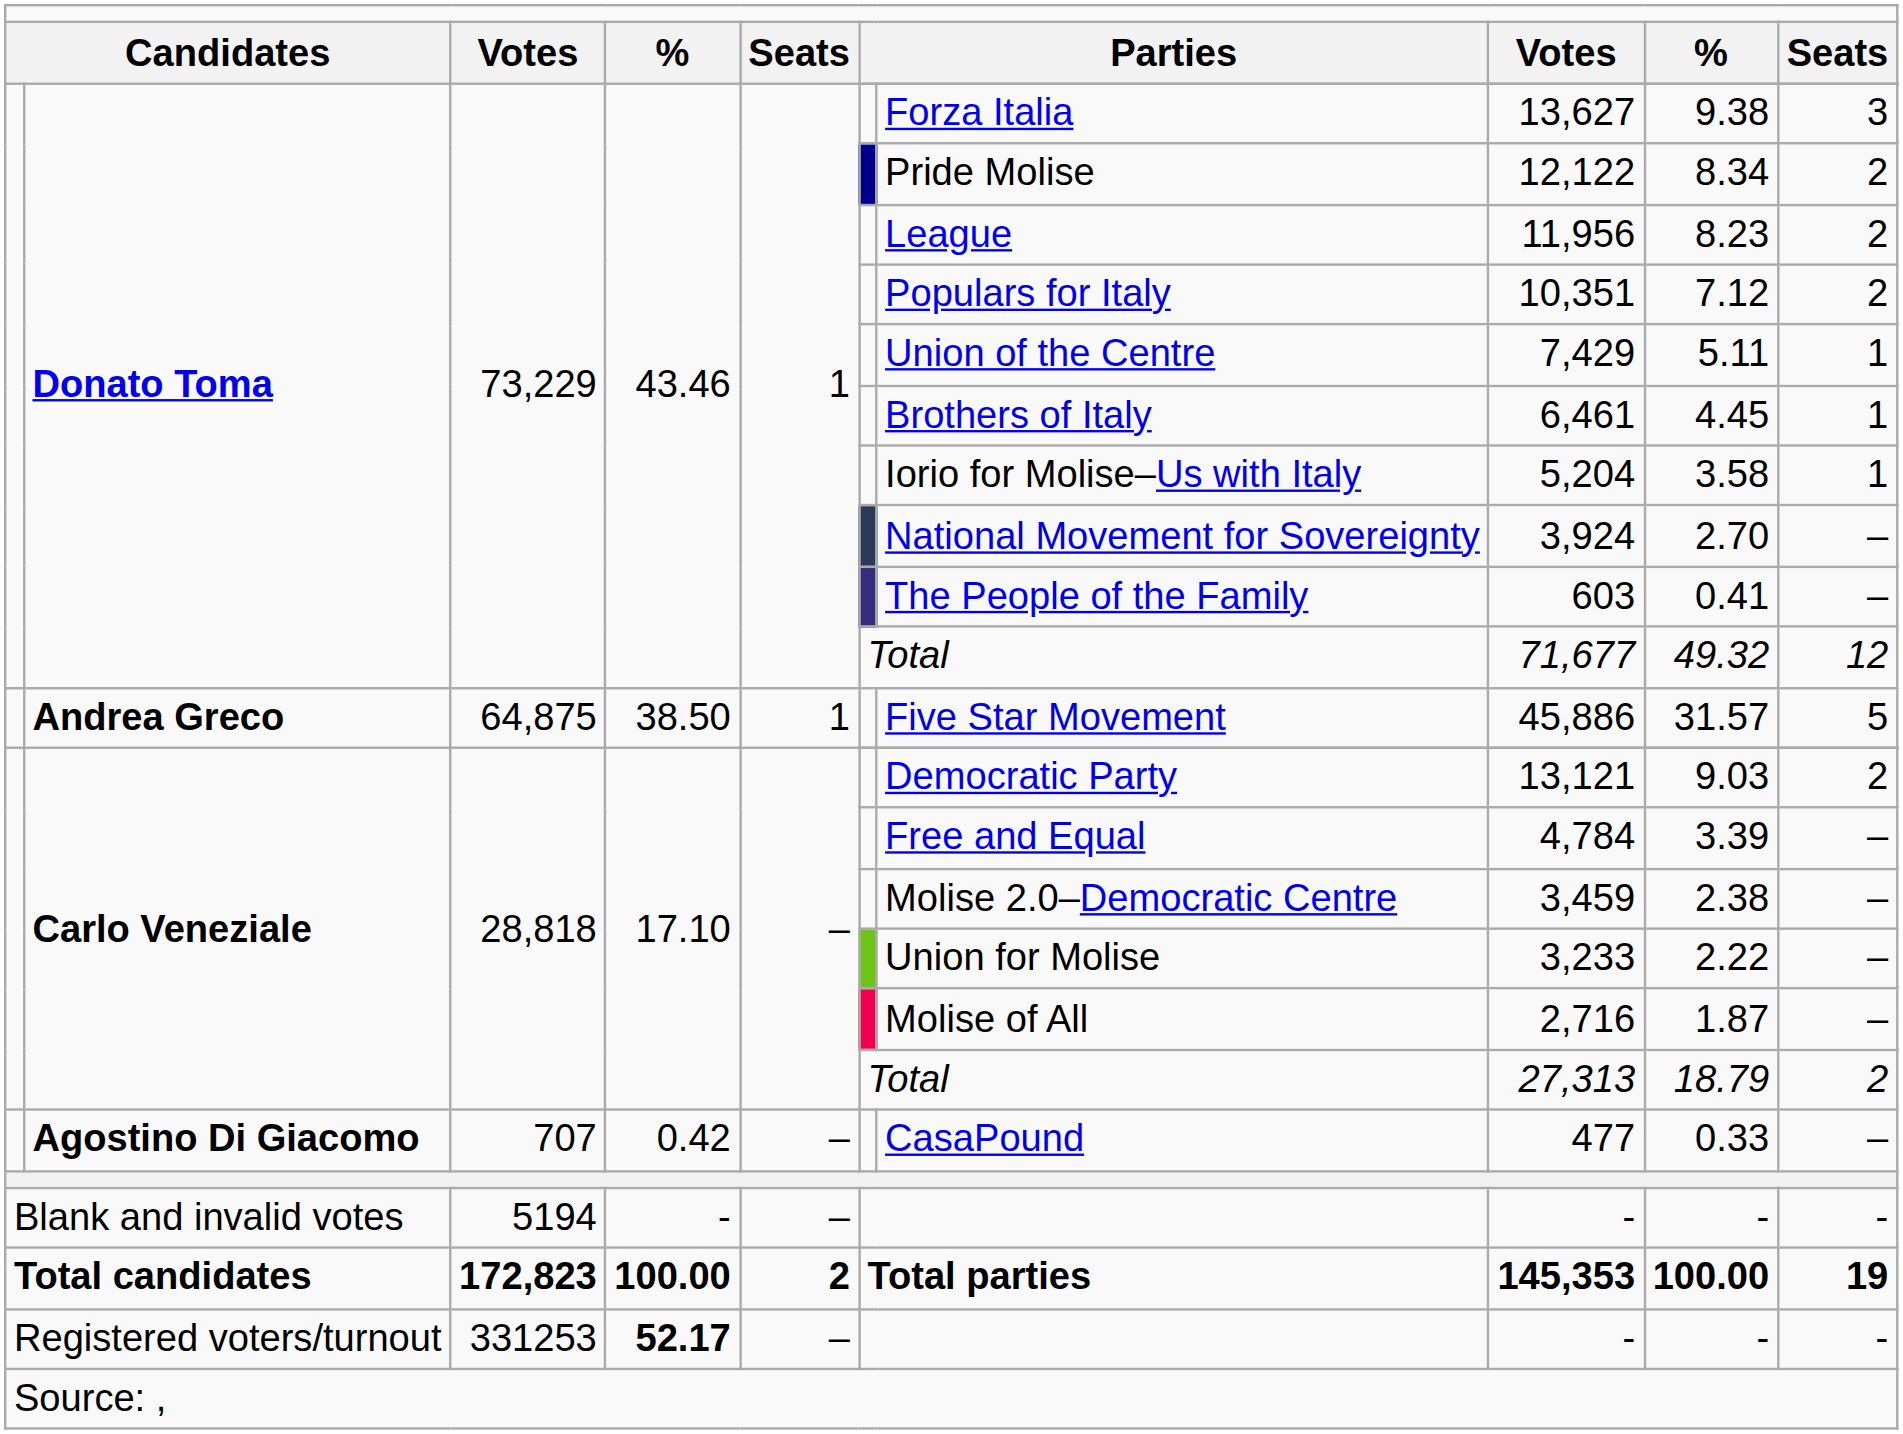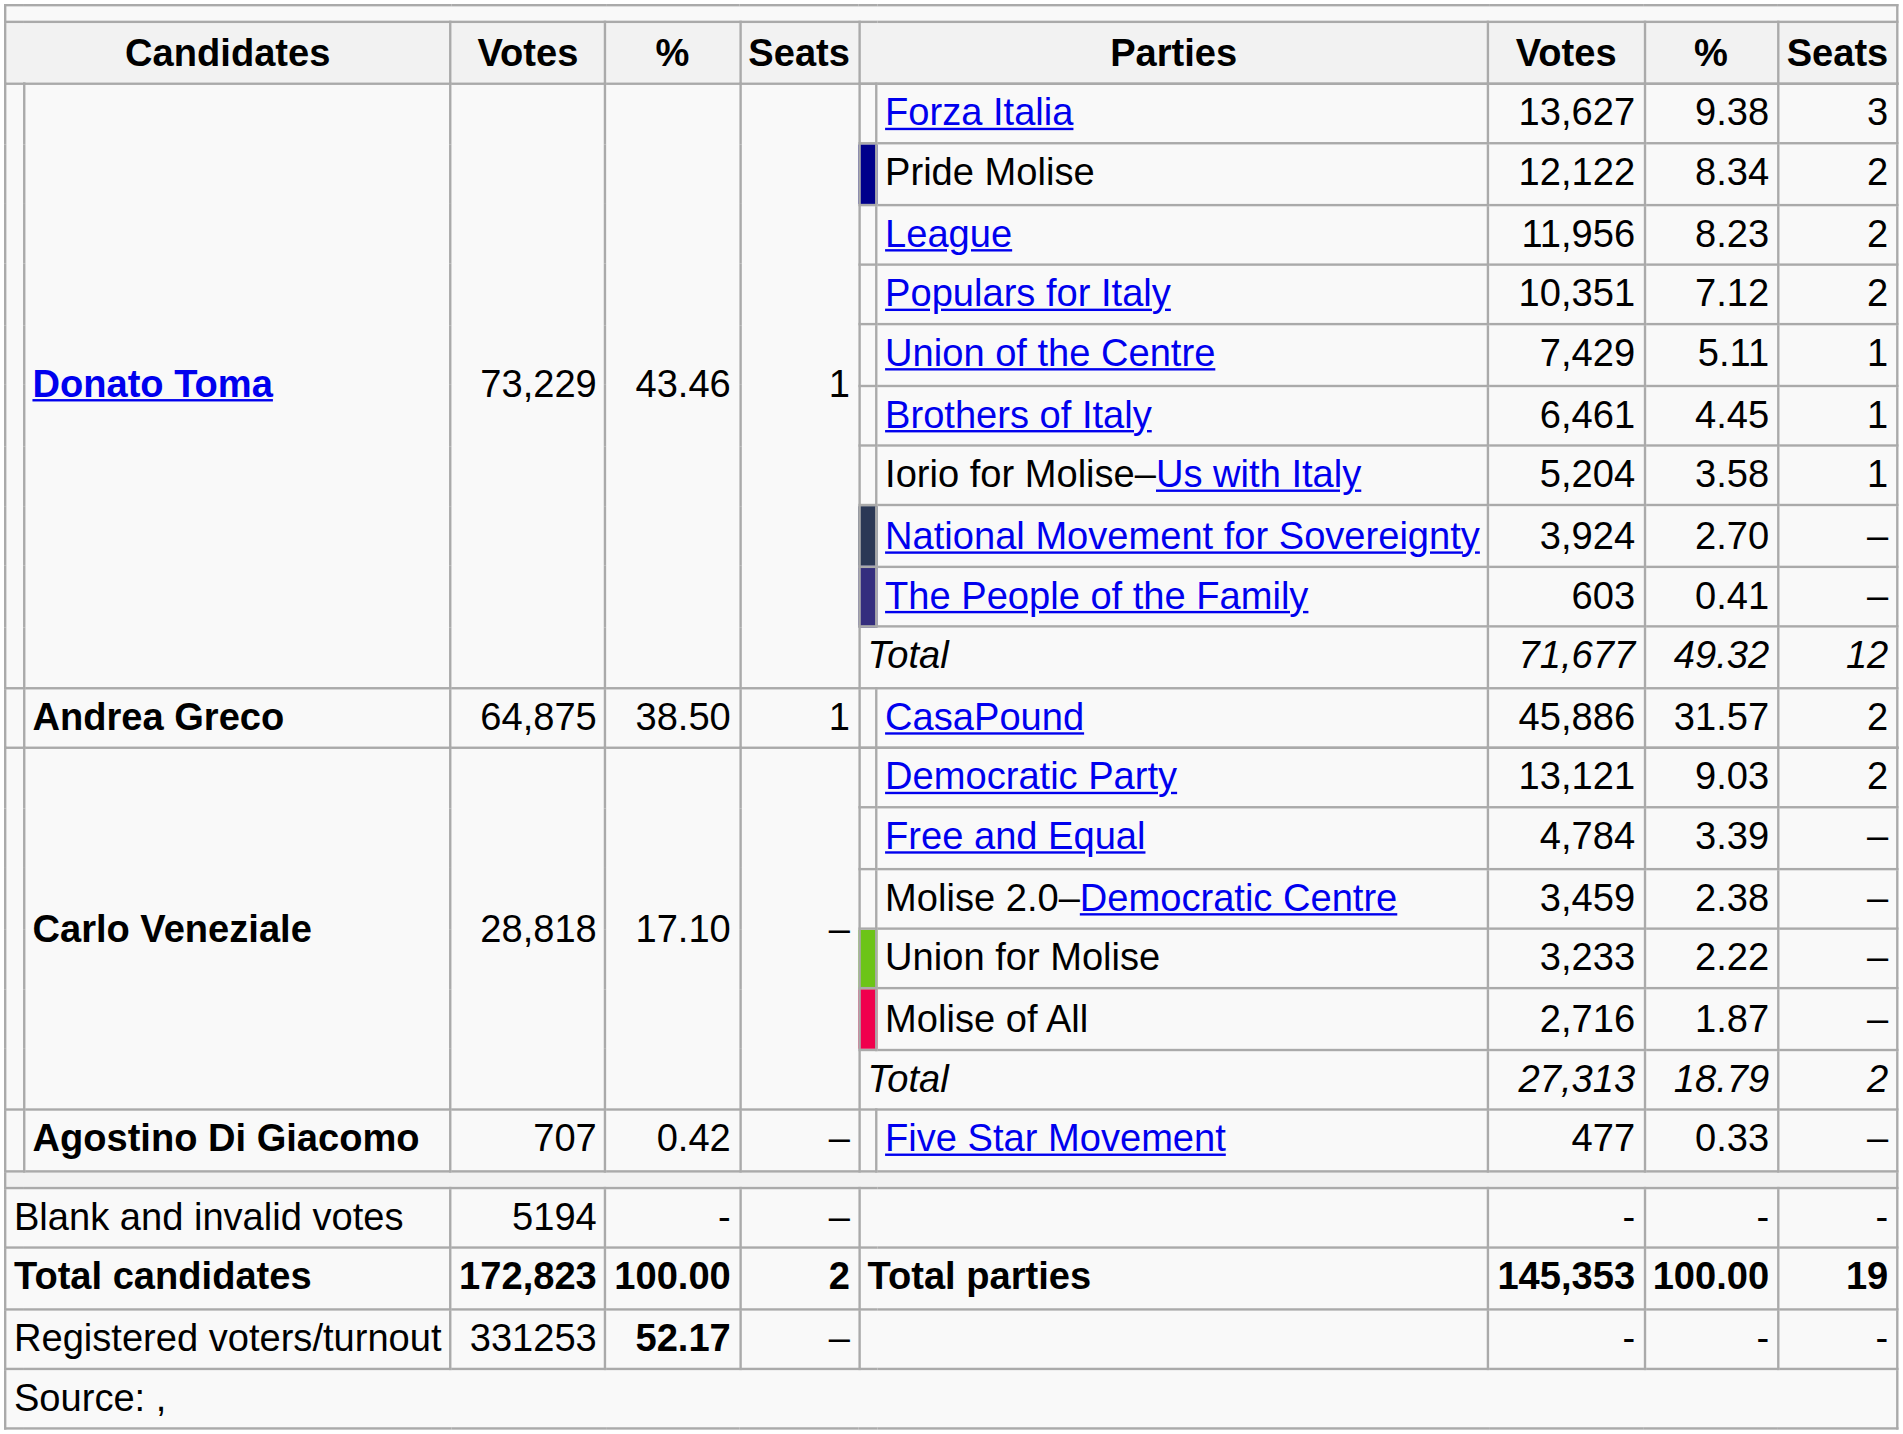 <table class="wikitable">
 <tr>
 <td colspan=10></td>
 </tr>
 <tr>
 <th colspan=2>Candidates</th>
 <th>Votes</th>
 <th>%</th>
 <th>Seats</th>
 <th colspan=2>Parties</th>
 <th>Votes</th>
 <th>%</th>
 <th>Seats</th>
 </tr>
 <tr>
 <td rowspan=11></td>
 <td rowspan=11><strong><a href='#'>Donato Toma</a></strong></td>
 <td rowspan=11 align=right>73,229</td>
 <td rowspan=11 align=right>43.46</td>
 <td rowspan=11 align=right>1</td>
 </tr>
 <tr>
 <td></td>
 <td><a href='#'>Forza Italia</a></td>
 <td align=right>13,627</td>
 <td align=right>9.38</td>
 <td align=right>3</td>
 </tr>
 <tr>
 <td bgcolor="darkblue"></td>
 <td>Pride Molise</td>
 <td align=right>12,122</td>
 <td align=right>8.34</td>
 <td align=right>2</td>
 </tr>
 <tr>
 <td></td>
 <td><a href='#'>League</a></td>
 <td align=right>11,956</td>
 <td align=right>8.23</td>
 <td align=right>2</td>
 </tr>
 <tr>
 <td></td>
 <td><a href='#'>Populars for Italy</a></td>
 <td align=right>10,351</td>
 <td align=right>7.12</td>
 <td align=right>2</td>
 </tr>
 <tr>
 <td></td>
 <td><a href='#'>Union of the Centre</a></td>
 <td align=right>7,429</td>
 <td align=right>5.11</td>
 <td align=right>1</td>
 </tr>
 <tr>
 <td></td>
 <td><a href='#'>Brothers of Italy</a></td>
 <td align=right>6,461</td>
 <td align=right>4.45</td>
 <td align=right>1</td>
 </tr>
 <tr>
 <td></td>
 <td>Iorio for Molise–<a href='#'>Us with Italy</a></td>
 <td align=right>5,204</td>
 <td align=right>3.58</td>
 <td align=right>1</td>
 </tr>
 <tr>
 <td bgcolor="#2B3856"></td>
 <td><a href='#'>National Movement for Sovereignty</a></td>
 <td align=right>3,924</td>
 <td align=right>2.70</td>
 <td align=right>–</td>
 </tr>
 <tr>
 <td bgcolor="#342D7E"></td>
 <td><a href='#'>The People of the Family</a></td>
 <td align=right>603</td>
 <td align=right>0.41</td>
 <td align=right>–</td>
 </tr>
 <tr>
 <td colspan=2><em>Total</em></td>
 <td align=right><em>71,677</em></td>
 <td align=right><em>49.32</em></td>
 <td align=right><em>12</em></td>
 </tr>
 <tr>
 <td></td>
 <td><strong>Andrea Greco</strong></td>
 <td align=right>64,875</td>
 <td align=right>38.50</td>
 <td align=right>1</td>
 <td></td>
-<td><a href='#'>Five Star Movement</a></td>
+<td><a href='#'>CasaPound</a></td>
 <td align=right>45,886</td>
 <td align=right>31.57</td>
-<td align=right>5</td>
+<td align=right>2</td>
 </tr>
 <tr>
 <td rowspan=7></td>
 <td rowspan=7><strong>Carlo Veneziale</strong></td>
 <td rowspan=7 align=right>28,818</td>
 <td rowspan=7 align=right>17.10</td>
 <td rowspan=7 align=right>–</td>
 </tr>
 <tr>
 <td></td>
 <td><a href='#'>Democratic Party</a></td>
 <td align=right>13,121</td>
 <td align=right>9.03</td>
 <td align=right>2</td>
 </tr>
 <tr>
 <td></td>
 <td><a href='#'>Free and Equal</a></td>
 <td align=right>4,784</td>
 <td align=right>3.39</td>
 <td align=right>–</td>
 </tr>
 <tr>
 <td></td>
 <td>Molise 2.0–<a href='#'>Democratic Centre</a></td>
 <td align=right>3,459</td>
 <td align=right>2.38</td>
 <td align=right>–</td>
 </tr>
 <tr>
 <td bgcolor="#6CC417"></td>
 <td>Union for Molise</td>
 <td align=right>3,233</td>
 <td align=right>2.22</td>
 <td align=right>–</td>
 </tr>
 <tr>
 <td bgcolor="#F0004D"></td>
 <td>Molise of All</td>
 <td align=right>2,716</td>
 <td align=right>1.87</td>
 <td align=right>–</td>
 </tr>
 <tr>
 <td colspan=2><em>Total</em></td>
 <td align=right><em>27,313</em></td>
 <td align=right><em>18.79</em></td>
 <td align=right><em>2</em></td>
 </tr>
 <tr>
 <td></td>
 <td><strong>Agostino Di Giacomo</strong></td>
 <td align=right>707</td>
 <td align=right>0.42</td>
 <td align=right>–</td>
 <td></td>
-<td><a href='#'>CasaPound</a></td>
+<td><a href='#'>Five Star Movement</a></td>
 <td align=right>477</td>
 <td align=right>0.33</td>
 <td align=right>–</td>
 </tr>
 <tr>
 <th colspan=10></th>
 </tr>
 <tr>
 <td colspan=2>Blank and invalid votes</td>
 <td align=right>5194</td>
 <td align=right>-</td>
 <td align=right>–</td>
 <td colspan=2></td>
 <td align=right>-</td>
 <td align=right>-</td>
 <td align=right>-</td>
 </tr>
 <tr>
 <td colspan=2><strong>Total candidates</strong></td>
 <td align=right><strong>172,823 </strong></td>
 <td align=right><strong>100.00</strong></td>
 <td align=right><strong>2</strong></td>
 <td colspan=2><strong>Total parties</strong></td>
 <td align=right><strong>145,353</strong></td>
 <td align=right><strong>100.00</strong></td>
 <td align=right><strong>19</strong></td>
 </tr>
 <tr>
 <td colspan=2>Registered voters/turnout</td>
 <td align=right>331253</td>
 <td align=right><strong>52.17</strong></td>
 <td align=right>–</td>
 <td colspan=2></td>
 <td align=right>-</td>
 <td align=right>-</td>
 <td align=right>-</td>
 </tr>
 <tr>
 <td colspan=10>Source: , </td>
 </tr>
 </table>
